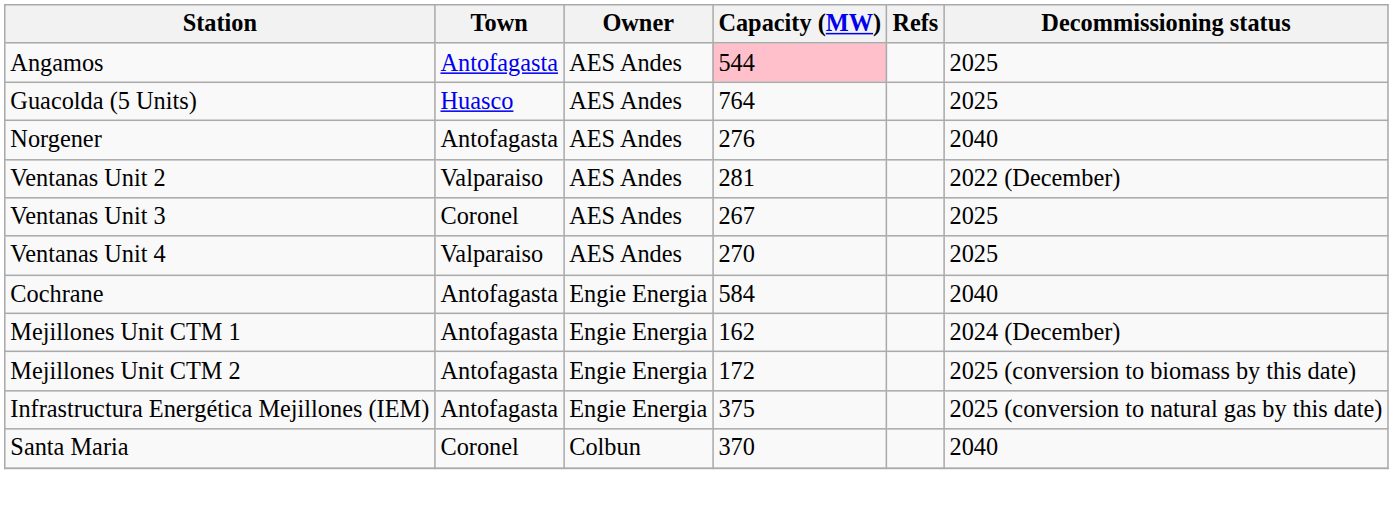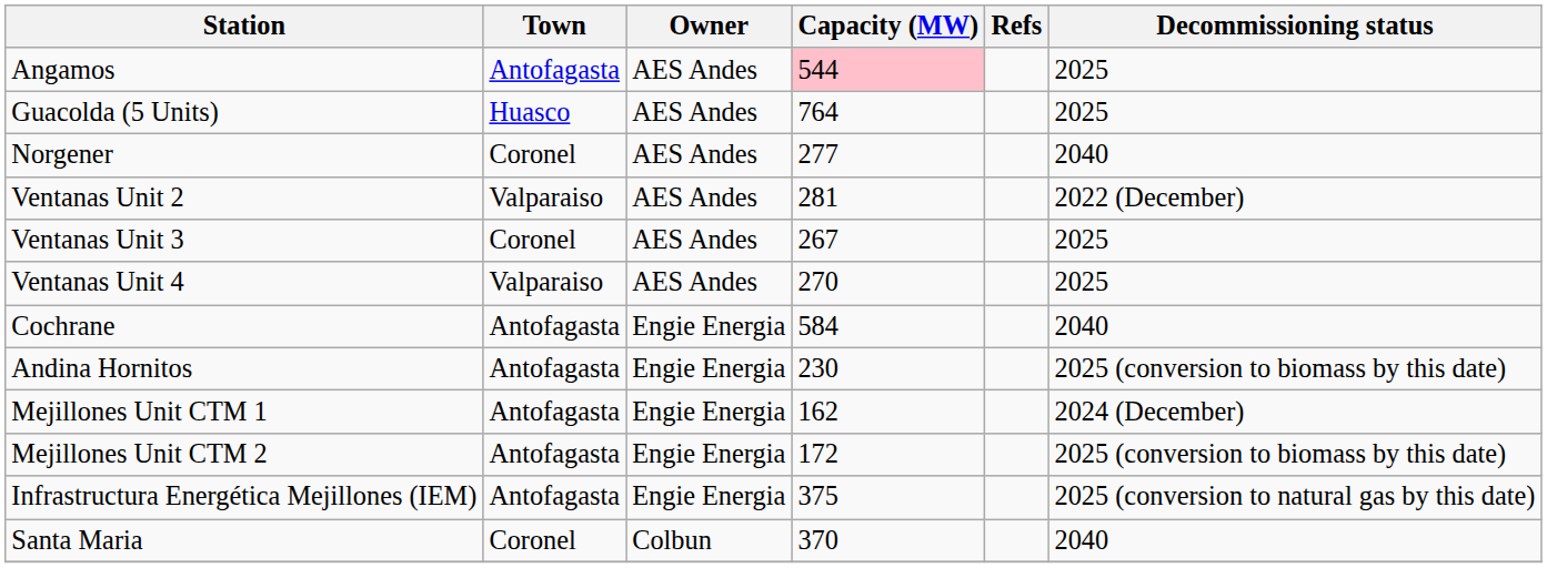 <table class="wikitable sortable">
 <tr>
 <th>Station</th>
 <th>Town</th>
 <th>Owner</th>
 <th>Capacity (<a href='#'>MW</a>)</th>
 <th>Refs</th>
 <th>Decommissioning status</th>
 </tr>
 <tr>
 <td>Angamos</td>
 <td><a href='#'>Antofagasta</a></td>
 <td>AES Andes</td>
 <td style="background: pink;">544</td>
 <td><br> </td>
 <td>2025</td>
 </tr>
 <tr>
 <td>Guacolda (5 Units)</td>
 <td><a href='#'>Huasco</a></td>
 <td>AES Andes</td>
 <td>764</td>
 <td></td>
 <td>2025</td>
 </tr>
 <tr>
 <td>Norgener</td>
-<td>Antofagasta</td>
+<td>Coronel</td>
 <td>AES Andes</td>
-<td>276</td>
+<td>277</td>
 <td></td>
 <td>2040</td>
 </tr>
 <tr>
 <td>Ventanas Unit 2</td>
 <td>Valparaiso</td>
 <td>AES Andes</td>
 <td>281</td>
 <td></td>
 <td>2022 (December)</td>
 </tr>
 <tr>
 <td>Ventanas Unit 3</td>
 <td>Coronel</td>
 <td>AES Andes</td>
 <td>267</td>
 <td></td>
 <td>2025</td>
 </tr>
 <tr>
 <td>Ventanas Unit 4</td>
 <td>Valparaiso</td>
 <td>AES Andes</td>
 <td>270</td>
 <td></td>
 <td>2025</td>
 </tr>
 <tr>
 <td>Cochrane</td>
 <td>Antofagasta</td>
 <td>Engie Energia</td>
 <td>584</td>
 <td></td>
 <td>2040</td>
 </tr>
 <tr>
+<td>Andina Hornitos</td>
+<td>Antofagasta</td>
+<td>Engie Energia</td>
+<td>230</td>
+<td></td>
+<td>2025 (conversion to biomass by this date)</td>
+</tr>
+<tr>
 <td>Mejillones Unit CTM 1</td>
 <td>Antofagasta</td>
 <td>Engie Energia</td>
 <td>162</td>
 <td></td>
 <td>2024 (December)</td>
 </tr>
 <tr>
 <td>Mejillones Unit CTM 2</td>
 <td>Antofagasta</td>
 <td>Engie Energia</td>
 <td>172</td>
 <td></td>
 <td>2025 (conversion to biomass by this date)</td>
 </tr>
 <tr>
 <td>Infrastructura Energética Mejillones (IEM)</td>
 <td>Antofagasta</td>
 <td>Engie Energia</td>
 <td>375</td>
 <td></td>
 <td>2025 (conversion to natural gas by this date)</td>
 </tr>
 <tr>
 <td>Santa Maria</td>
 <td>Coronel</td>
 <td>Colbun</td>
 <td>370</td>
 <td></td>
 <td>2040</td>
 </tr>
 <tr>
 </tr>
 </table>
